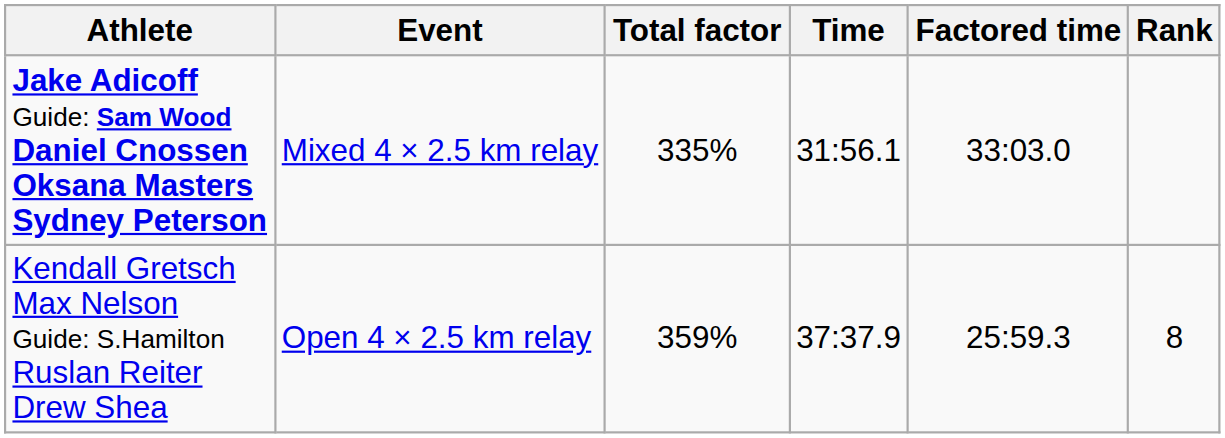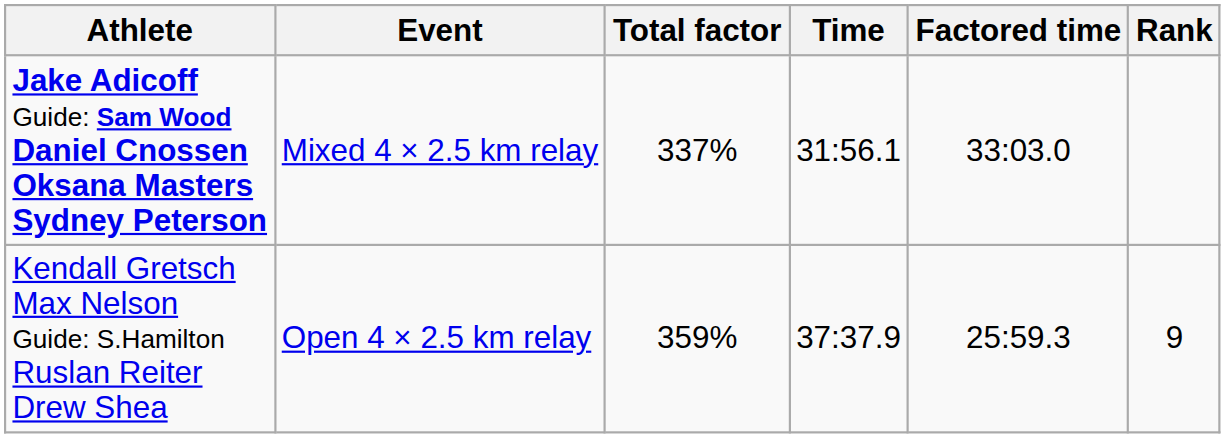 <table class=wikitable style=font-size:90%;text-align:center>
 <tr>
 <th>Athlete</th>
 <th>Event</th>
 <th>Total factor</th>
 <th>Time</th>
 <th>Factored time</th>
 <th>Rank</th>
 </tr>
 <tr>
 <td align=left><strong><a href='#'>Jake Adicoff</a><br></strong><small>Guide: <strong><a href='#'>Sam Wood</a></strong></small><br><strong><a href='#'>Daniel Cnossen</a><br><a href='#'>Oksana Masters</a><br><a href='#'>Sydney Peterson</a></strong></td>
 <td align=left><a href='#'>Mixed 4 × 2.5 km relay</a></td>
-<td>335%</td>
+<td>337%</td>
 <td>31:56.1</td>
 <td>33:03.0</td>
 <td></td>
 </tr>
 <tr>
 <td align=left><a href='#'>Kendall Gretsch</a><br><a href='#'>Max Nelson</a><br><small>Guide: S.Hamilton</small><br><a href='#'>Ruslan Reiter</a><br><a href='#'>Drew Shea</a></td>
 <td align=left><a href='#'>Open 4 × 2.5 km relay</a></td>
 <td>359%</td>
 <td>37:37.9</td>
 <td>25:59.3</td>
-<td>8</td>
+<td>9</td>
 </tr>
 </table>
